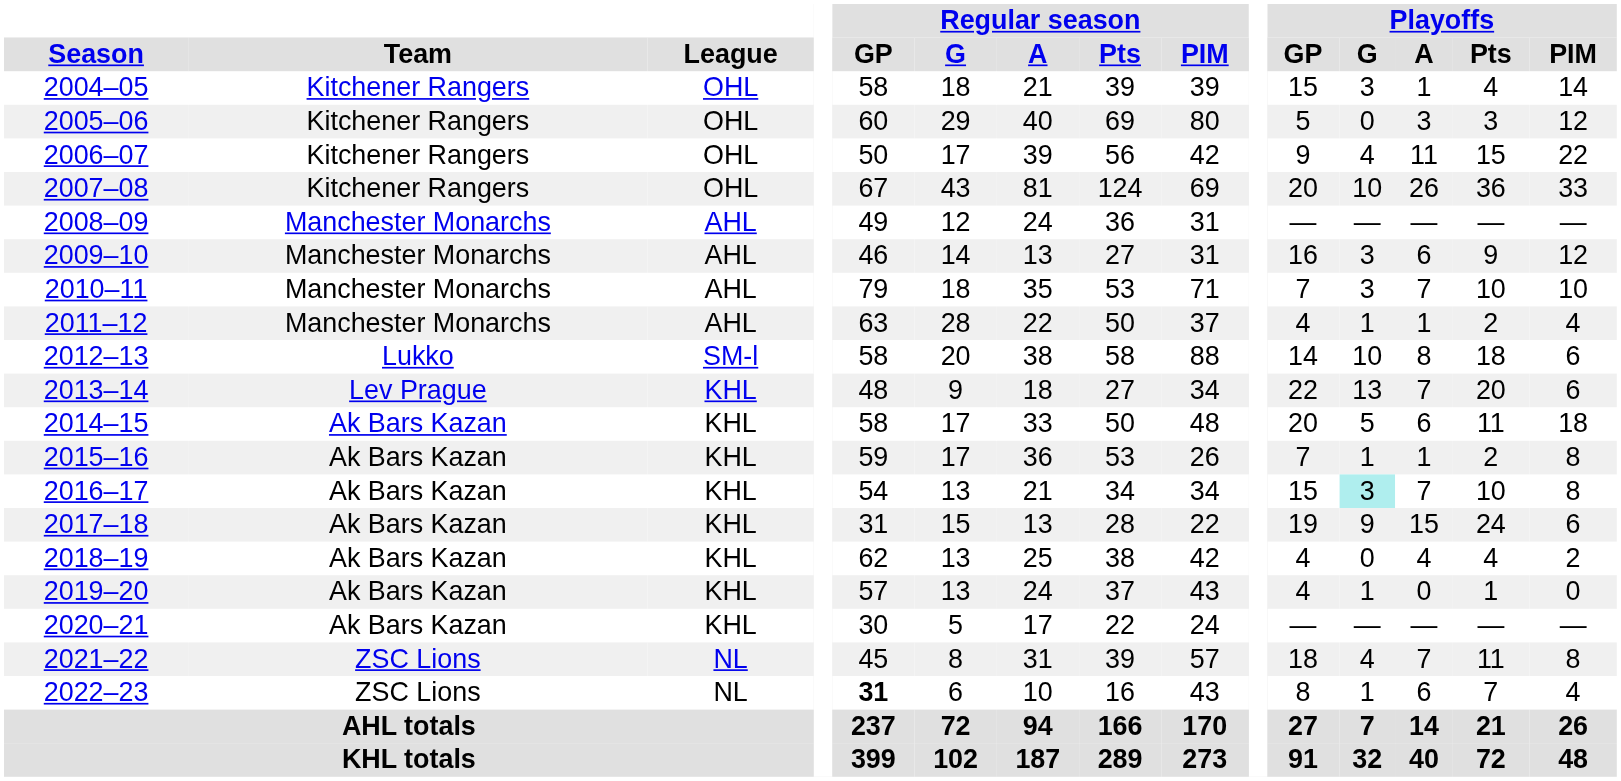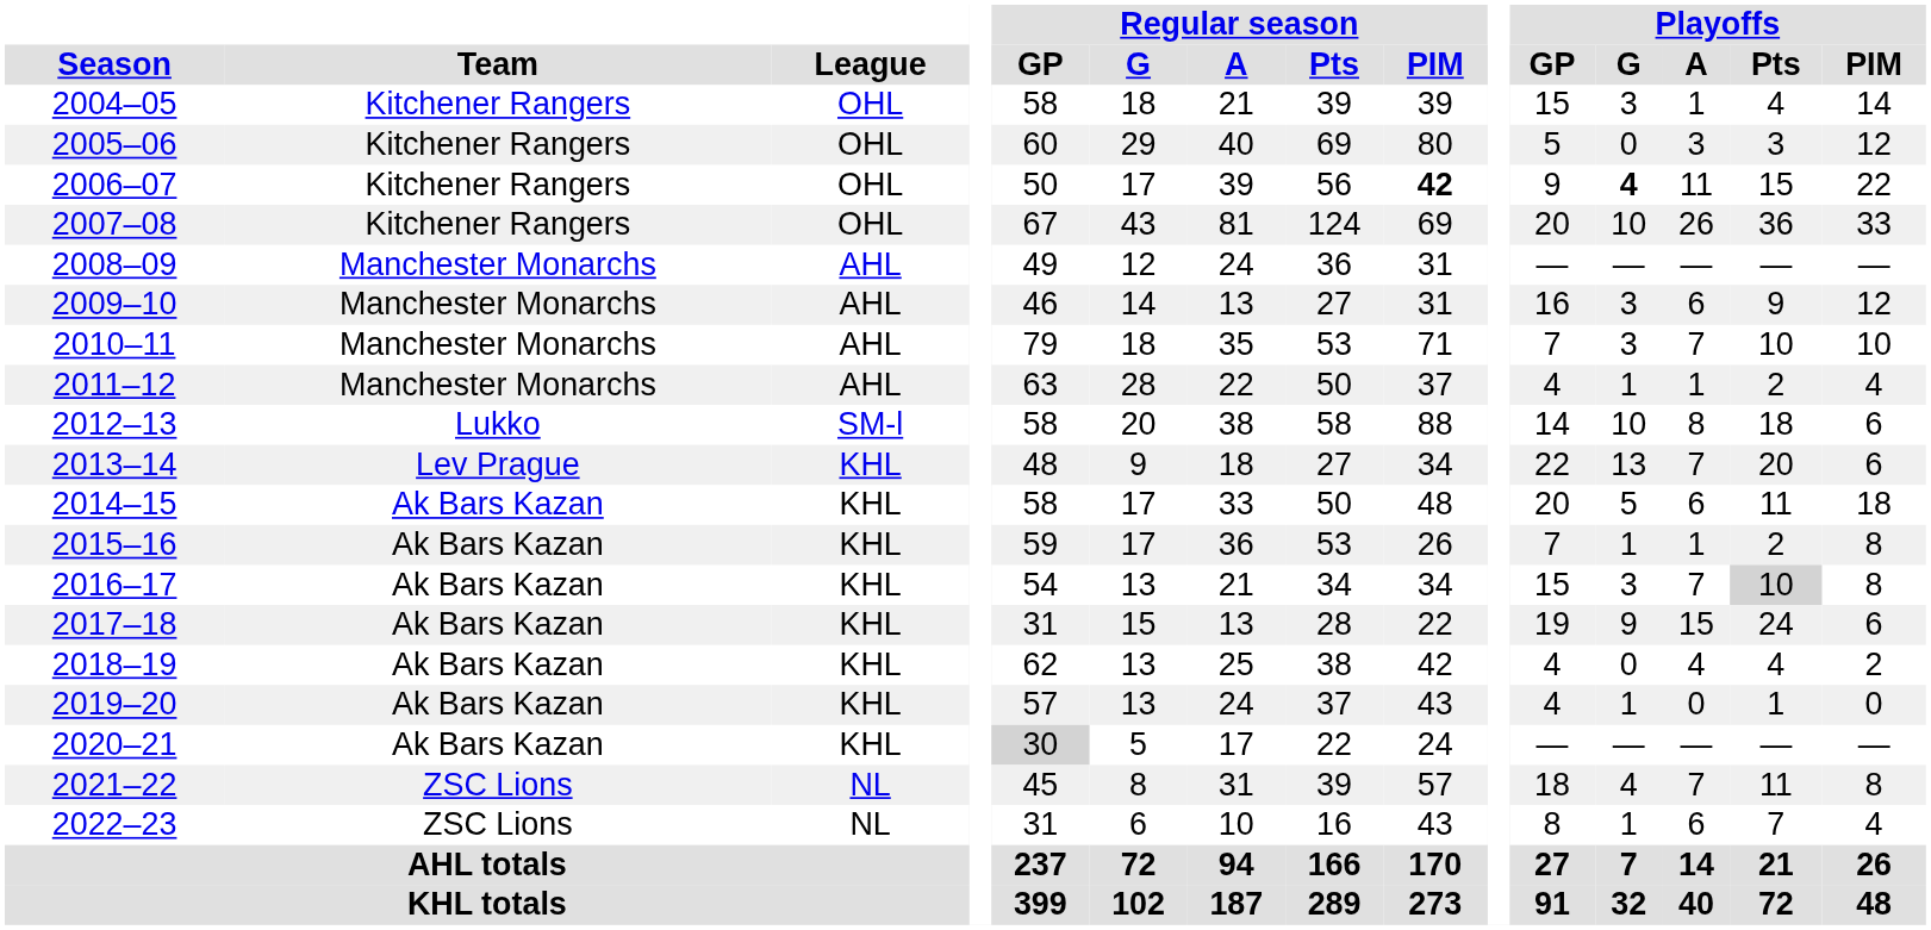 <table border="0" cellpadding="1" cellspacing="0" style="text-align:center; width:60em;">
 <tr style="background:#e0e0e0;">
 <th colspan="3"  bgcolor="#ffffff"> </th>
 <th rowspan="99" bgcolor="#ffffff"> </th>
 <th colspan="5"><a href='#'>Regular season</a></th>
 <th rowspan="99" bgcolor="#ffffff"> </th>
 <th colspan="5"><a href='#'>Playoffs</a></th>
 </tr>
 <tr style="background:#e0e0e0;">
 <th><a href='#'>Season</a></th>
 <th>Team</th>
 <th>League</th>
 <th>GP</th>
 <th><a href='#'>G</a></th>
 <th><a href='#'>A</a></th>
 <th><a href='#'>Pts</a></th>
 <th><a href='#'>PIM</a></th>
 <th>GP</th>
 <th>G</th>
 <th>A</th>
 <th>Pts</th>
 <th>PIM</th>
 </tr>
 <tr>
 <td><a href='#'>2004–05</a></td>
 <td><a href='#'>Kitchener Rangers</a></td>
 <td><a href='#'>OHL</a></td>
 <td>58</td>
 <td>18</td>
 <td>21</td>
 <td>39</td>
 <td>39</td>
 <td>15</td>
 <td>3</td>
 <td>1</td>
 <td>4</td>
 <td>14</td>
 </tr>
 <tr bgcolor="#f0f0f0">
 <td><a href='#'>2005–06</a></td>
 <td>Kitchener Rangers</td>
 <td>OHL</td>
 <td>60</td>
 <td>29</td>
 <td>40</td>
 <td>69</td>
 <td>80</td>
 <td>5</td>
 <td>0</td>
 <td>3</td>
 <td>3</td>
 <td>12</td>
 </tr>
 <tr>
 <td><a href='#'>2006–07</a></td>
 <td>Kitchener Rangers</td>
 <td>OHL</td>
 <td>50</td>
 <td>17</td>
 <td>39</td>
 <td>56</td>
-<td>42</td>
+<td><strong>42</strong></td>
 <td>9</td>
-<td>4</td>
+<td><strong>4</strong></td>
 <td>11</td>
 <td>15</td>
 <td>22</td>
 </tr>
 <tr bgcolor="#f0f0f0">
 <td><a href='#'>2007–08</a></td>
 <td>Kitchener Rangers</td>
 <td>OHL</td>
 <td>67</td>
 <td>43</td>
 <td>81</td>
 <td>124</td>
 <td>69</td>
 <td>20</td>
 <td>10</td>
 <td>26</td>
 <td>36</td>
 <td>33</td>
 </tr>
 <tr>
 <td><a href='#'>2008–09</a></td>
 <td><a href='#'>Manchester Monarchs</a></td>
 <td><a href='#'>AHL</a></td>
 <td>49</td>
 <td>12</td>
 <td>24</td>
 <td>36</td>
 <td>31</td>
 <td>—</td>
 <td>—</td>
 <td>—</td>
 <td>—</td>
 <td>—</td>
 </tr>
 <tr bgcolor="#f0f0f0">
 <td><a href='#'>2009–10</a></td>
 <td>Manchester Monarchs</td>
 <td>AHL</td>
 <td>46</td>
 <td>14</td>
 <td>13</td>
 <td>27</td>
 <td>31</td>
 <td>16</td>
 <td>3</td>
 <td>6</td>
 <td>9</td>
 <td>12</td>
 </tr>
 <tr>
 <td><a href='#'>2010–11</a></td>
 <td>Manchester Monarchs</td>
 <td>AHL</td>
 <td>79</td>
 <td>18</td>
 <td>35</td>
 <td>53</td>
 <td>71</td>
 <td>7</td>
 <td>3</td>
 <td>7</td>
 <td>10</td>
 <td>10</td>
 </tr>
 <tr bgcolor="#f0f0f0">
 <td><a href='#'>2011–12</a></td>
 <td>Manchester Monarchs</td>
 <td>AHL</td>
 <td>63</td>
 <td>28</td>
 <td>22</td>
 <td>50</td>
 <td>37</td>
 <td>4</td>
 <td>1</td>
 <td>1</td>
 <td>2</td>
 <td>4</td>
 </tr>
 <tr>
 <td><a href='#'>2012–13</a></td>
 <td><a href='#'>Lukko</a></td>
 <td><a href='#'>SM-l</a></td>
 <td>58</td>
 <td>20</td>
 <td>38</td>
 <td>58</td>
 <td>88</td>
 <td>14</td>
 <td>10</td>
 <td>8</td>
 <td>18</td>
 <td>6</td>
 </tr>
 <tr bgcolor="#f0f0f0">
 <td><a href='#'>2013–14</a></td>
 <td><a href='#'>Lev Prague</a></td>
 <td><a href='#'>KHL</a></td>
 <td>48</td>
 <td>9</td>
 <td>18</td>
 <td>27</td>
 <td>34</td>
 <td>22</td>
 <td>13</td>
 <td>7</td>
 <td>20</td>
 <td>6</td>
 </tr>
 <tr>
 <td><a href='#'>2014–15</a></td>
 <td><a href='#'>Ak Bars Kazan</a></td>
 <td>KHL</td>
 <td>58</td>
 <td>17</td>
 <td>33</td>
 <td>50</td>
 <td>48</td>
 <td>20</td>
 <td>5</td>
 <td>6</td>
 <td>11</td>
 <td>18</td>
 </tr>
 <tr bgcolor="#f0f0f0">
 <td><a href='#'>2015–16</a></td>
 <td>Ak Bars Kazan</td>
 <td>KHL</td>
 <td>59</td>
 <td>17</td>
 <td>36</td>
 <td>53</td>
 <td>26</td>
 <td>7</td>
 <td>1</td>
 <td>1</td>
 <td>2</td>
 <td>8</td>
 </tr>
 <tr>
 <td><a href='#'>2016–17</a></td>
 <td>Ak Bars Kazan</td>
 <td>KHL</td>
 <td>54</td>
 <td>13</td>
 <td>21</td>
 <td>34</td>
 <td>34</td>
 <td>15</td>
-<td style="background: paleturquoise;">3</td>
+<td>3</td>
 <td>7</td>
-<td>10</td>
+<td style="background: lightgrey;">10</td>
 <td>8</td>
 </tr>
 <tr bgcolor="#f0f0f0">
 <td><a href='#'>2017–18</a></td>
 <td>Ak Bars Kazan</td>
 <td>KHL</td>
 <td>31</td>
 <td>15</td>
 <td>13</td>
 <td>28</td>
 <td>22</td>
 <td>19</td>
 <td>9</td>
 <td>15</td>
 <td>24</td>
 <td>6</td>
 </tr>
 <tr>
 <td><a href='#'>2018–19</a></td>
 <td>Ak Bars Kazan</td>
 <td>KHL</td>
 <td>62</td>
 <td>13</td>
 <td>25</td>
 <td>38</td>
 <td>42</td>
 <td>4</td>
 <td>0</td>
 <td>4</td>
 <td>4</td>
 <td>2</td>
 </tr>
 <tr bgcolor="#f0f0f0">
 <td><a href='#'>2019–20</a></td>
 <td>Ak Bars Kazan</td>
 <td>KHL</td>
 <td>57</td>
 <td>13</td>
 <td>24</td>
 <td>37</td>
 <td>43</td>
 <td>4</td>
 <td>1</td>
 <td>0</td>
 <td>1</td>
 <td>0</td>
 </tr>
 <tr>
 <td><a href='#'>2020–21</a></td>
 <td>Ak Bars Kazan</td>
 <td>KHL</td>
-<td>30</td>
+<td style="background: lightgrey;">30</td>
 <td>5</td>
 <td>17</td>
 <td>22</td>
 <td>24</td>
 <td>—</td>
 <td>—</td>
 <td>—</td>
 <td>—</td>
 <td>—</td>
 </tr>
 <tr bgcolor="#f0f0f0">
 <td><a href='#'>2021–22</a></td>
 <td><a href='#'>ZSC Lions</a></td>
 <td><a href='#'>NL</a></td>
 <td>45</td>
 <td>8</td>
 <td>31</td>
 <td>39</td>
 <td>57</td>
 <td>18</td>
 <td>4</td>
 <td>7</td>
 <td>11</td>
 <td>8</td>
 </tr>
 <tr>
 <td><a href='#'>2022–23</a></td>
 <td>ZSC Lions</td>
 <td>NL</td>
-<td><strong>31</strong></td>
+<td>31</td>
 <td>6</td>
 <td>10</td>
 <td>16</td>
 <td>43</td>
 <td>8</td>
 <td>1</td>
 <td>6</td>
 <td>7</td>
 <td>4</td>
 </tr>
 <tr bgcolor="#e0e0e0">
 <th colspan="3">AHL totals</th>
 <th>237</th>
 <th>72</th>
 <th>94</th>
 <th>166</th>
 <th>170</th>
 <th>27</th>
 <th>7</th>
 <th>14</th>
 <th>21</th>
 <th>26</th>
 </tr>
 <tr bgcolor="#e0e0e0">
 <th colspan="3">KHL totals</th>
 <th>399</th>
 <th>102</th>
 <th>187</th>
 <th>289</th>
 <th>273</th>
 <th>91</th>
 <th>32</th>
 <th>40</th>
 <th>72</th>
 <th>48</th>
 </tr>
 </table>
